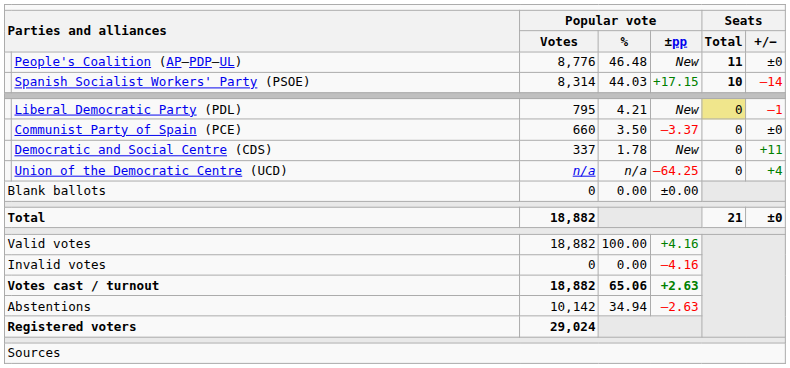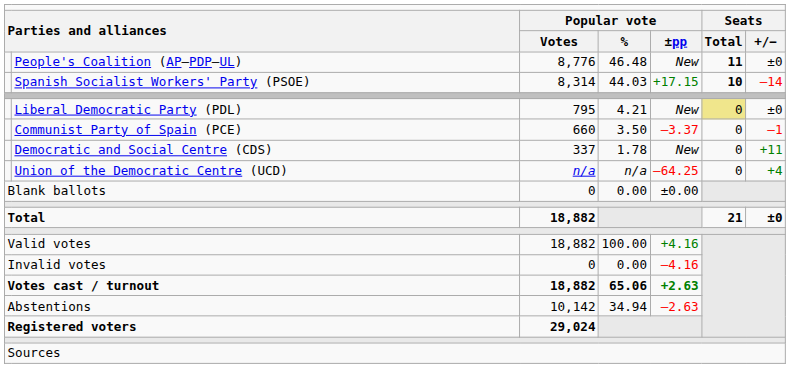 <table class="wikitable" style="text-align:right;">
 <tr>
 <td colspan="7"></td>
 </tr>
 <tr>
 <th style="text-align:left;" rowspan="2" colspan="2" width="525">Parties and alliances</th>
 <th colspan="3">Popular vote</th>
 <th colspan="2">Seats</th>
 </tr>
 <tr>
 <th width="75">Votes</th>
 <th width="45">%</th>
 <th width="45">±<a href='#'>pp</a></th>
 <th width="35">Total</th>
 <th width="35">+/−</th>
 </tr>
 <tr>
 <td width="1" style="color:inherit;background:"></td>
 <td align="left"><a href='#'>People's Coalition</a> (<a href='#'>AP</a>–<a href='#'>PDP</a>–<a href='#'>UL</a>)</td>
 <td>8,776</td>
 <td>46.48</td>
 <td><em>New</em></td>
 <td><strong>11</strong></td>
 <td>±0</td>
 </tr>
 <tr>
 <td style="color:inherit;background:"></td>
 <td align="left"><a href='#'>Spanish Socialist Workers' Party</a> (PSOE)</td>
 <td>8,314</td>
 <td>44.03</td>
 <td style="color:green;">+17.15</td>
 <td><strong>10</strong></td>
 <td style="color:red;">–14</td>
 </tr>
 <tr>
 <td colspan="7" bgcolor="#C0C0C0"></td>
 </tr>
 <tr>
 <td style="color:inherit;background:"></td>
 <td align="left"><a href='#'>Liberal Democratic Party</a> (PDL)</td>
 <td>795</td>
 <td>4.21</td>
 <td><em>New</em></td>
 <td style="background: khaki;">0</td>
-<td style="color:red;">–1</td>
+<td>±0</td>
 </tr>
 <tr>
 <td style="color:inherit;background:"></td>
 <td align="left"><a href='#'>Communist Party of Spain</a> (PCE)</td>
 <td>660</td>
 <td>3.50</td>
 <td style="color:red;">–3.37</td>
 <td>0</td>
-<td>±0</td>
+<td style="color:red;">–1</td>
 </tr>
 <tr>
 <td style="color:inherit;background:"></td>
 <td align="left"><a href='#'>Democratic and Social Centre</a> (CDS)</td>
 <td>337</td>
 <td>1.78</td>
 <td><em>New</em></td>
 <td>0</td>
 <td style="color:green;">+11</td>
 </tr>
 <tr>
 <td style="color:inherit;background:"></td>
 <td align="left"><a href='#'>Union of the Democratic Centre</a> (UCD)</td>
 <td><em><a href='#'>n/a</a></em></td>
 <td><em>n/a</em></td>
 <td style="color:red;">–64.25</td>
 <td>0</td>
 <td style="color:green;">+4</td>
 </tr>
 <tr>
 <td align="left" colspan="2">Blank ballots</td>
 <td>0</td>
 <td>0.00</td>
 <td>±0.00</td>
 <td bgcolor="#E9E9E9" colspan="2"></td>
 </tr>
 <tr>
 <td colspan="7" bgcolor="#E9E9E9"></td>
 </tr>
 <tr style="font-weight:bold;">
 <td align="left" colspan="2">Total</td>
 <td>18,882</td>
 <td bgcolor="#E9E9E9" colspan="2"></td>
 <td>21</td>
 <td>±0</td>
 </tr>
 <tr>
 <td colspan="7" bgcolor="#E9E9E9"></td>
 </tr>
 <tr>
 <td align="left" colspan="2">Valid votes</td>
 <td>18,882</td>
 <td>100.00</td>
 <td style="color:green;">+4.16</td>
 <td bgcolor="#E9E9E9" colspan="2" rowspan="5"></td>
 </tr>
 <tr>
 <td align="left" colspan="2">Invalid votes</td>
 <td>0</td>
 <td>0.00</td>
 <td style="color:red;">–4.16</td>
 </tr>
 <tr style="font-weight:bold;">
 <td align="left" colspan="2">Votes cast / turnout</td>
 <td>18,882</td>
 <td>65.06</td>
 <td style="color:green;">+2.63</td>
 </tr>
 <tr>
 <td align="left" colspan="2">Abstentions</td>
 <td>10,142</td>
 <td>34.94</td>
 <td style="color:red;">–2.63</td>
 </tr>
 <tr style="font-weight:bold;">
 <td align="left" colspan="2">Registered voters</td>
 <td>29,024</td>
 <td bgcolor="#E9E9E9" colspan="2"></td>
 </tr>
 <tr>
 <td colspan="7" bgcolor="#E9E9E9"></td>
 </tr>
 <tr>
 <td align="left" colspan="7">Sources</td>
 </tr>
 </table>
